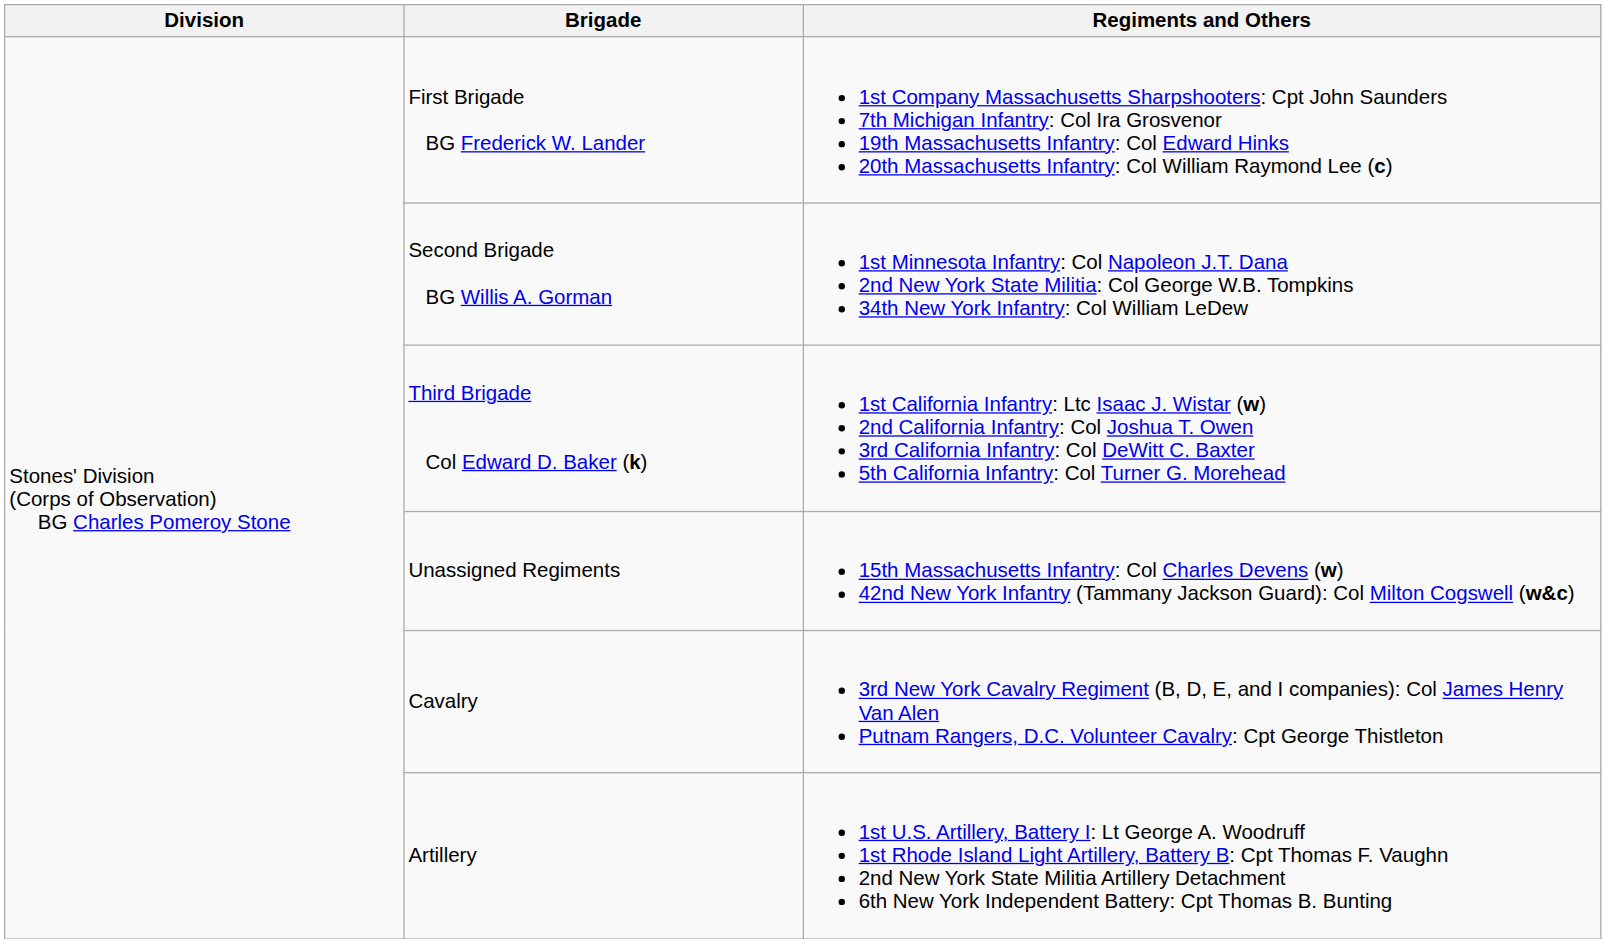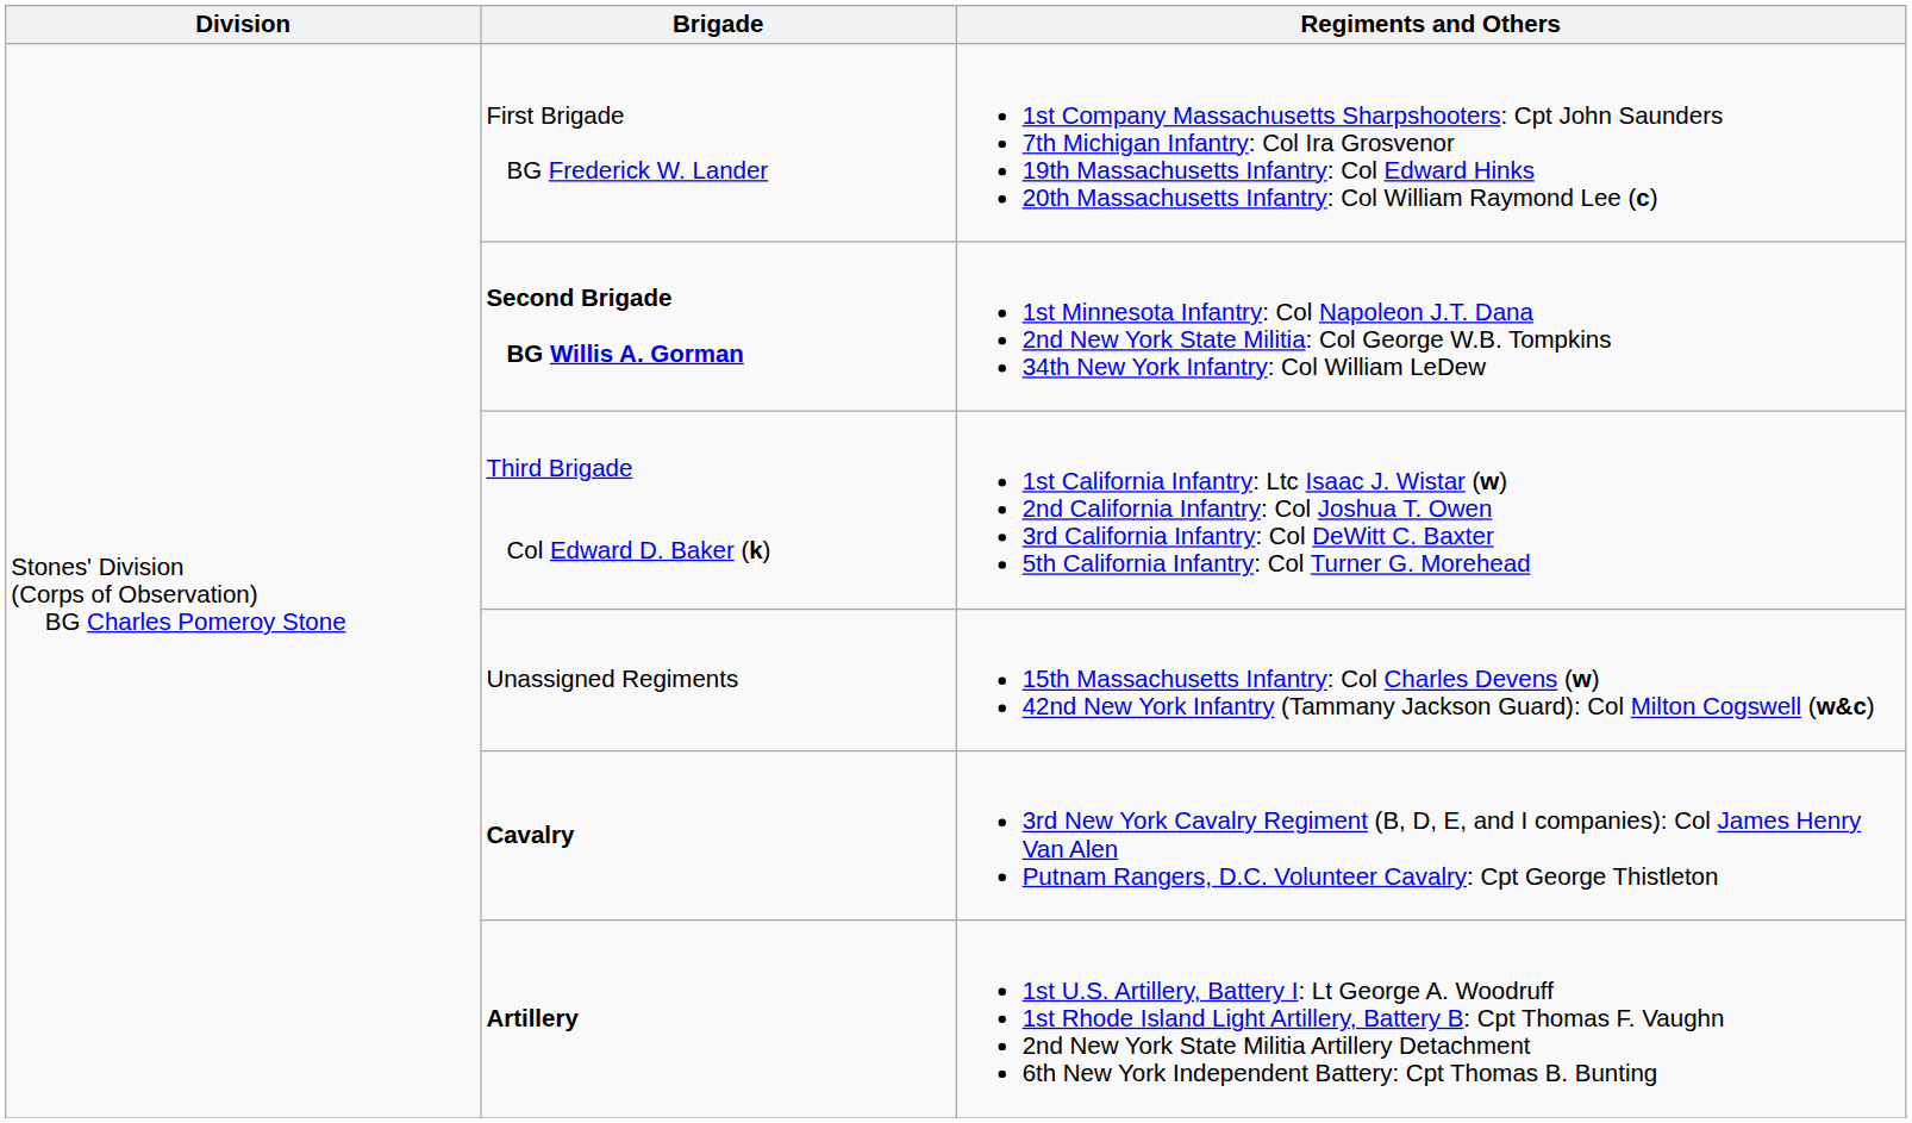 <table class="wikitable">
 <tr>
 <th width=25%>Division</th>
 <th width=25%>Brigade</th>
 <th>Regiments and Others</th>
 </tr>
 <tr>
 <td rowspan= 6><br>Stones' Division<br> (Corps of Observation) <br>     BG <a href='#'>Charles Pomeroy Stone</a></td>
 <td>First Brigade<br><br>   BG <a href='#'>Frederick W. Lander</a></td>
 <td><br><ul><li><a href='#'>1st Company Massachusetts Sharpshooters</a>: Cpt John Saunders</li><li><a href='#'>7th Michigan Infantry</a>: Col Ira Grosvenor</li><li><a href='#'>19th Massachusetts Infantry</a>:  Col <a href='#'>Edward Hinks</a></li><li><a href='#'>20th Massachusetts Infantry</a>: Col William Raymond Lee (<strong>c</strong>)</li></ul></td>
 </tr>
 <tr>
-<td>Second Brigade<br><br>   BG <a href='#'>Willis A. Gorman</a></td>
+<td><strong>Second Brigade<br><br>   BG <a href='#'>Willis A. Gorman</a></strong></td>
 <td><br><ul><li><a href='#'>1st Minnesota Infantry</a>: Col <a href='#'>Napoleon J.T. Dana</a></li><li><a href='#'>2nd New York State Militia</a>: Col George W.B. Tompkins</li><li><a href='#'>34th New York Infantry</a>: Col William LeDew</li></ul></td>
 </tr>
 <tr>
 <td><a href='#'>Third Brigade</a><br><br><br>   Col <a href='#'>Edward D. Baker</a> (<strong>k</strong>)</td>
 <td><br><ul><li><a href='#'>1st California Infantry</a>: Ltc <a href='#'>Isaac J. Wistar</a> (<strong>w</strong>)</li><li><a href='#'>2nd California Infantry</a>: Col <a href='#'>Joshua T. Owen</a></li><li><a href='#'>3rd California Infantry</a>: Col <a href='#'>DeWitt C. Baxter</a></li><li><a href='#'>5th California Infantry</a>: Col <a href='#'>Turner G. Morehead</a></li></ul></td>
 </tr>
 <tr>
 <td>Unassigned Regiments</td>
 <td><br><ul><li><a href='#'>15th Massachusetts Infantry</a>: Col <a href='#'>Charles Devens</a> (<strong>w</strong>)</li><li><a href='#'>42nd New York Infantry</a> (Tammany Jackson Guard): Col <a href='#'>Milton Cogswell</a> (<strong>w&c</strong>)</li></ul></td>
 </tr>
 <tr>
-<td>Cavalry</td>
+<td><strong>Cavalry</strong></td>
 <td><br><ul><li><a href='#'>3rd New York Cavalry Regiment</a> (B, D, E, and I companies): Col <a href='#'>James Henry Van Alen</a></li><li><a href='#'>Putnam Rangers, D.C. Volunteer Cavalry</a>: Cpt George Thistleton</li></ul></td>
 </tr>
 <tr>
-<td>Artillery</td>
+<td><strong>Artillery</strong></td>
 <td><br><ul><li><a href='#'>1st U.S. Artillery, Battery I</a>: Lt George A. Woodruff</li><li><a href='#'>1st Rhode Island Light Artillery, Battery B</a>: Cpt Thomas F. Vaughn</li><li>2nd New York State Militia Artillery Detachment</li><li>6th New York Independent Battery: Cpt Thomas B. Bunting</li></ul></td>
 </tr>
 </table>
